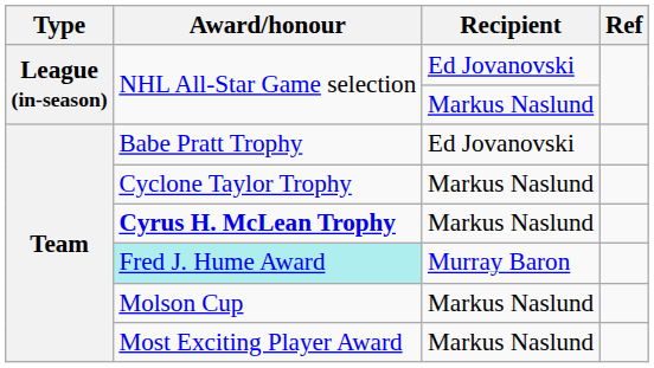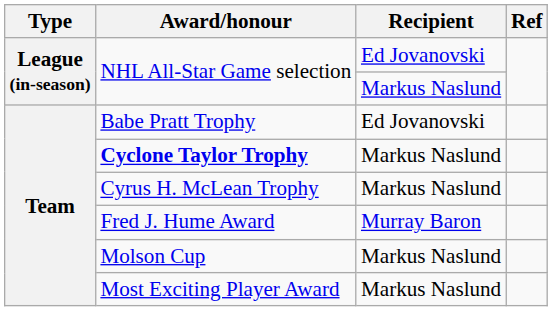 <table class="wikitable">
 <tr>
 <th scope="col">Type</th>
 <th scope="col">Award/honour</th>
 <th scope="col">Recipient</th>
 <th scope="col">Ref</th>
 </tr>
 <tr>
 <th scope="row" rowspan="2">League<br><small>(in-season)</small></th>
 <td rowspan="2"><a href='#'>NHL All-Star Game</a> selection</td>
 <td><a href='#'>Ed Jovanovski</a></td>
 <td rowspan="2"></td>
 </tr>
 <tr>
 <td><a href='#'>Markus Naslund</a></td>
 </tr>
 <tr>
 <th scope="row" rowspan="6">Team</th>
 <td><a href='#'>Babe Pratt Trophy</a></td>
 <td>Ed Jovanovski</td>
 <td></td>
 </tr>
 <tr>
-<td><a href='#'>Cyclone Taylor Trophy</a></td>
+<td><strong><a href='#'>Cyclone Taylor Trophy</a></strong></td>
 <td>Markus  Naslund</td>
 <td></td>
 </tr>
 <tr>
-<td><strong><a href='#'>Cyrus H. McLean Trophy</a></strong></td>
+<td><a href='#'>Cyrus H. McLean Trophy</a></td>
 <td>Markus Naslund</td>
 <td></td>
 </tr>
 <tr>
-<td style="background: paleturquoise;"><a href='#'>Fred J. Hume Award</a></td>
+<td><a href='#'>Fred J. Hume Award</a></td>
 <td><a href='#'>Murray Baron</a></td>
 <td></td>
 </tr>
 <tr>
 <td><a href='#'>Molson Cup</a></td>
 <td>Markus Naslund</td>
 <td></td>
 </tr>
 <tr>
 <td><a href='#'>Most Exciting Player Award</a></td>
 <td>Markus Naslund</td>
 <td></td>
 </tr>
 </table>
